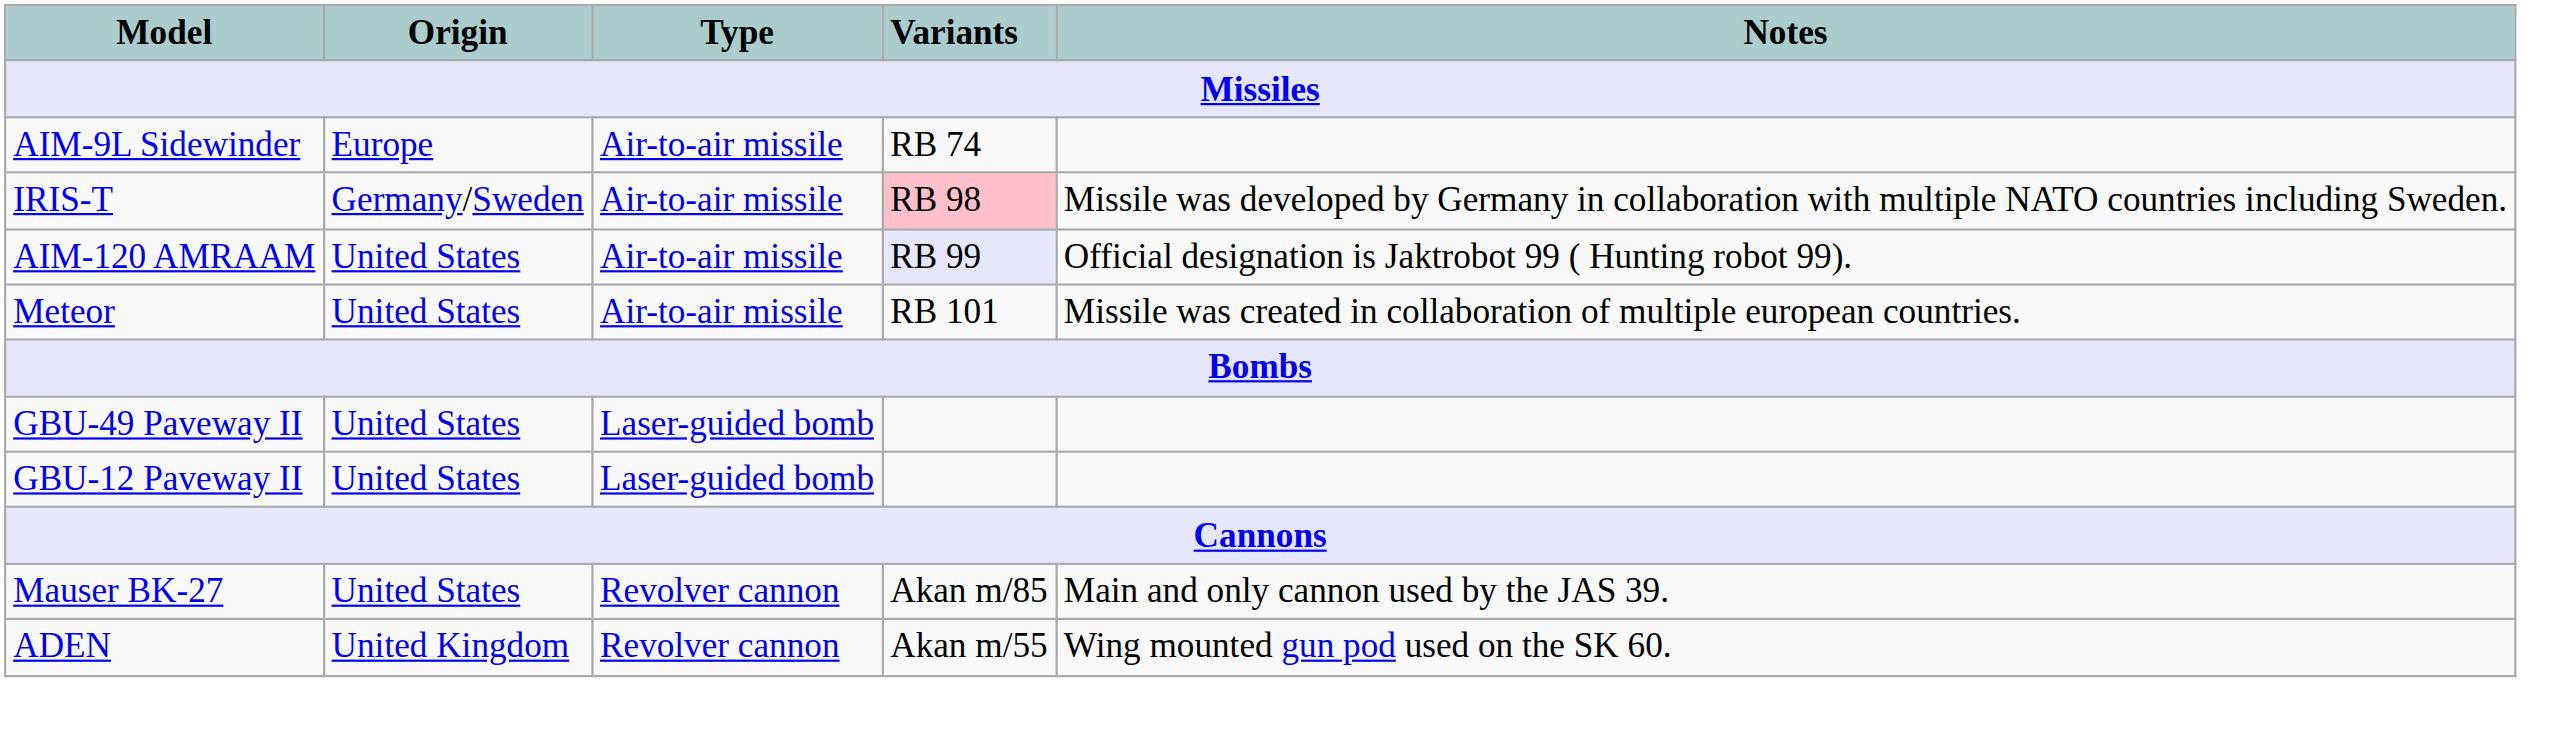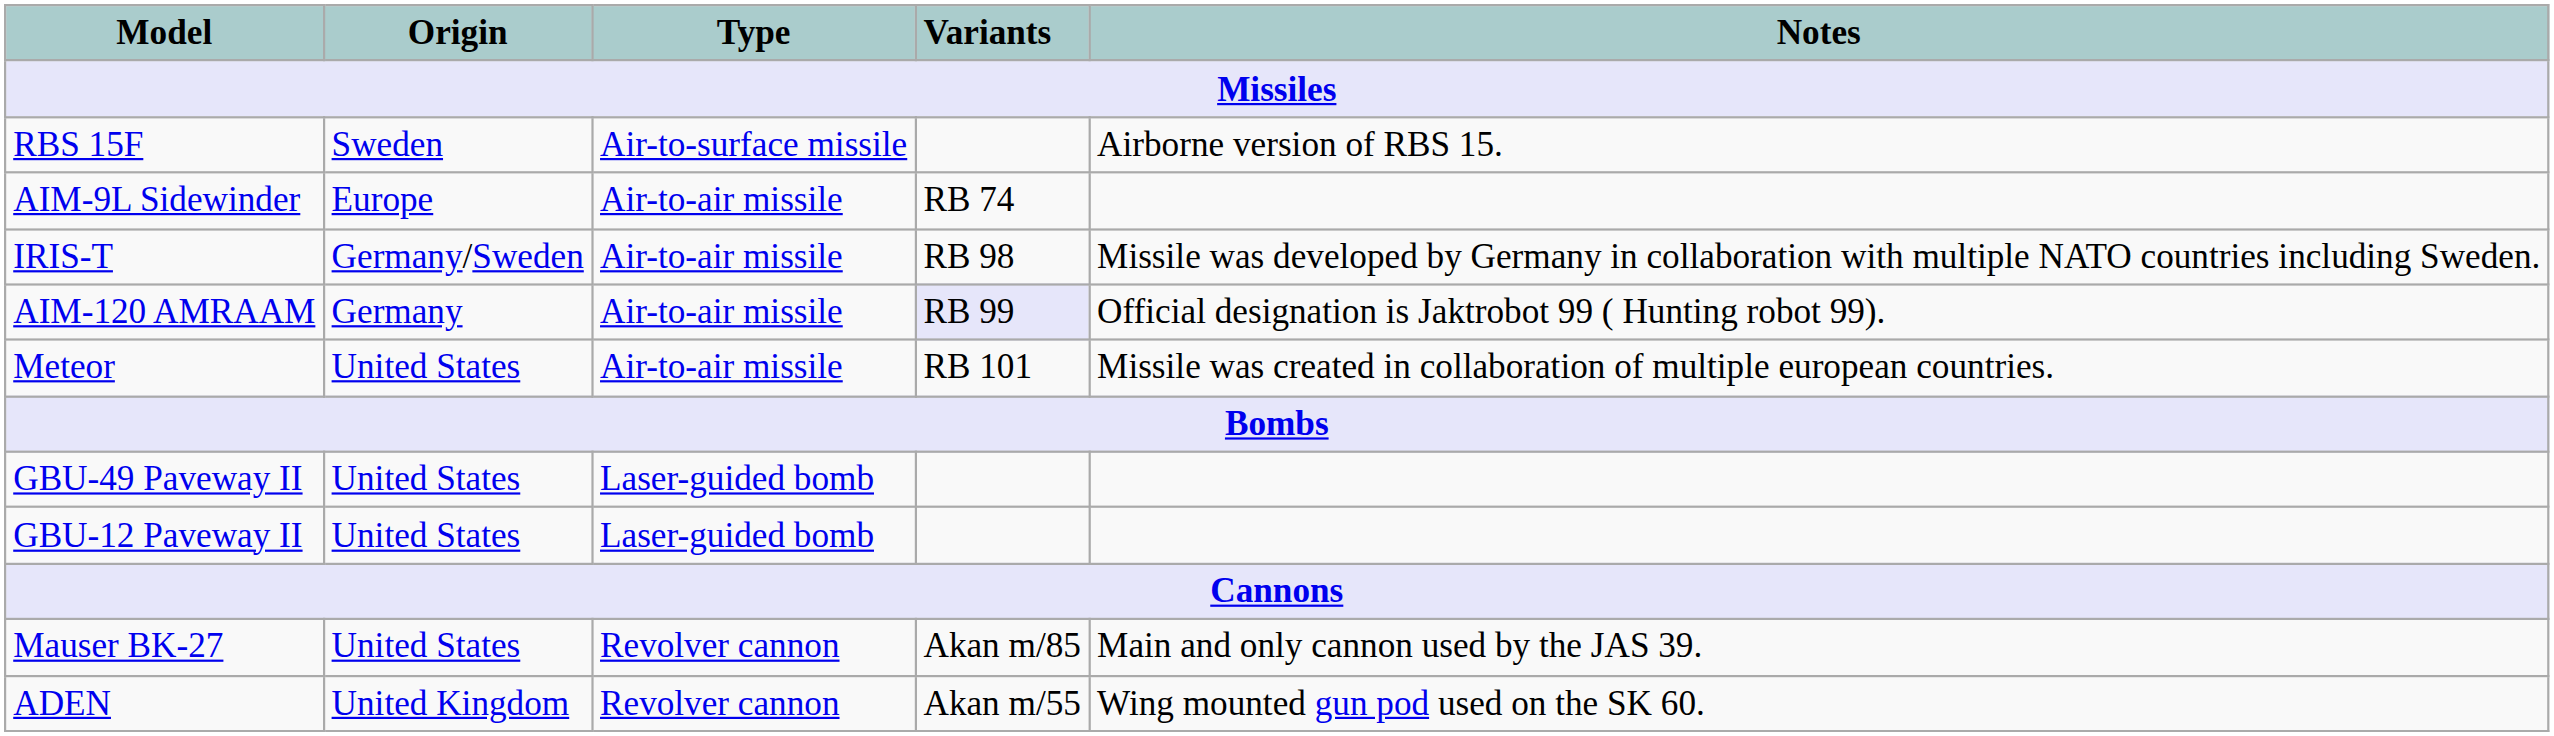 <table class="wikitable">
 <tr>
 <th style="text-align:center; background:#acc;">Model</th>
 <th style="text-align: center; background:#acc;">Origin</th>
 <th style="text-align:l center; background:#acc;">Type</th>
 <th style="text-align:left; background:#acc;">Variants</th>
 <th style="text-align: center; background:#acc;">Notes</th>
 </tr>
 <tr>
 <th colspan="5" style="align: center; background: lavender;"><a href='#'>Missiles</a></th>
 </tr>
 <tr>
+<td><a href='#'>RBS 15F</a></td>
+<td><a href='#'>Sweden</a></td>
+<td><a href='#'>Air-to-surface missile</a></td>
+<td></td>
+<td>Airborne version of RBS 15.</td>
+</tr>
+<tr>
 <td><a href='#'>AIM-9L Sidewinder</a></td>
 <td><a href='#'>Europe</a></td>
 <td><a href='#'>Air-to-air missile</a></td>
 <td>RB 74</td>
 <td></td>
 </tr>
 <tr>
 <td><a href='#'>IRIS-T</a></td>
 <td><a href='#'>Germany</a>/<a href='#'>Sweden</a></td>
 <td><a href='#'>Air-to-air missile</a></td>
-<td style="background: pink;">RB 98</td>
+<td>RB 98</td>
 <td>Missile was developed by Germany in collaboration with multiple NATO countries including Sweden.</td>
 </tr>
 <tr>
 <td><a href='#'>AIM-120 AMRAAM</a></td>
-<td><a href='#'>United States</a></td>
+<td><a href='#'>Germany</a></td>
 <td><a href='#'>Air-to-air missile</a></td>
 <td style="background: lavender;">RB 99</td>
 <td>Official designation is Jaktrobot 99 ( Hunting robot 99).</td>
 </tr>
 <tr>
 <td><a href='#'>Meteor</a></td>
 <td><a href='#'>United States</a></td>
 <td><a href='#'>Air-to-air missile</a></td>
 <td>RB 101</td>
 <td>Missile was created in collaboration of multiple european countries.</td>
 </tr>
 <tr>
 <th colspan="5" style="align: center; background: lavender;"><a href='#'>Bombs</a></th>
 </tr>
 <tr>
 <td><a href='#'>GBU-49 Paveway II</a></td>
 <td><a href='#'>United States</a></td>
 <td><a href='#'>Laser-guided bomb</a></td>
 <td></td>
 <td></td>
 </tr>
 <tr>
 <td><a href='#'>GBU-12 Paveway II</a></td>
 <td><a href='#'>United States</a></td>
 <td><a href='#'>Laser-guided bomb</a></td>
 <td></td>
 <td></td>
 </tr>
 <tr>
 <th colspan="5" style="align: center; background: lavender;"><a href='#'>Cannons</a></th>
 </tr>
 <tr>
 <td><a href='#'>Mauser BK-27</a></td>
 <td><a href='#'>United States</a></td>
 <td><a href='#'>Revolver cannon</a></td>
 <td>Akan m/85</td>
 <td>Main and only cannon used by the JAS 39.</td>
 </tr>
 <tr>
 <td><a href='#'>ADEN</a></td>
 <td><a href='#'>United Kingdom</a></td>
 <td><a href='#'>Revolver cannon</a></td>
 <td>Akan m/55</td>
 <td>Wing mounted <a href='#'>gun pod</a> used on the SK 60.</td>
 </tr>
 </table>
